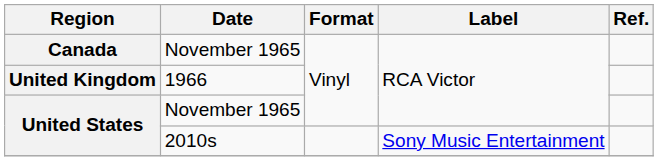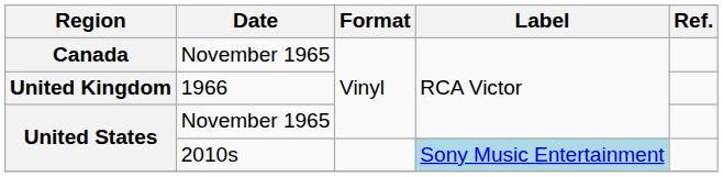 <table class="wikitable plainrowheaders">
 <tr>
 <th scope="col">Region</th>
 <th scope="col">Date</th>
 <th scope="col">Format</th>
 <th scope="col">Label</th>
 <th scope="col">Ref.</th>
 </tr>
 <tr>
 <th scope="row">Canada</th>
 <td>November 1965</td>
 <td rowspan="3">Vinyl</td>
 <td rowspan="3">RCA Victor</td>
 <td></td>
 </tr>
 <tr>
 <th scope="row">United Kingdom</th>
 <td>1966</td>
 <td></td>
 </tr>
 <tr>
 <th scope="row" rowspan="2">United States</th>
 <td>November 1965</td>
 <td></td>
 </tr>
 <tr>
 <td>2010s</td>
 <td></td>
-<td><a href='#'>Sony Music Entertainment</a></td>
+<td style="background: lightblue;"><a href='#'>Sony Music Entertainment</a></td>
 <td></td>
 </tr>
 <tr>
 </tr>
 </table>
